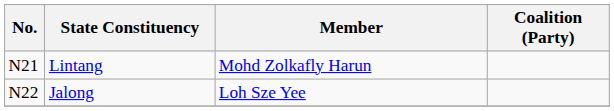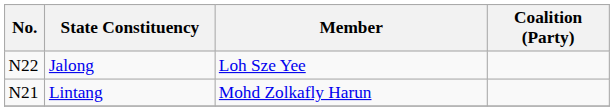 <table class="wikitable">
 <tr>
 <th width="30">No.</th>
 <th width="150">State Constituency</th>
 <th width="245">Member</th>
 <th width="105">Coalition (Party)</th>
 </tr>
 <tr>
+<td>N22</td>
+<td><a href='#'>Jalong</a></td>
+<td><a href='#'>Loh Sze Yee</a></td>
+<td></td>
+</tr>
+<tr>
 <td>N21</td>
 <td><a href='#'>Lintang</a></td>
 <td><a href='#'>Mohd Zolkafly Harun</a></td>
 <td></td>
 </tr>
 <tr>
-<td>N22</td>
-<td><a href='#'>Jalong</a></td>
-<td><a href='#'>Loh Sze Yee</a></td>
-<td></td>
-</tr>
-<tr>
 </tr>
 </table>
